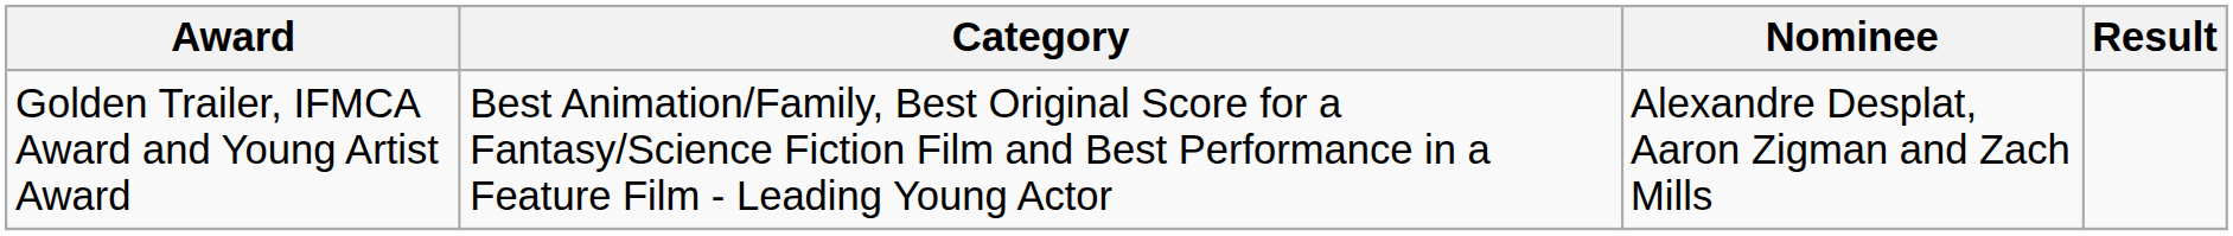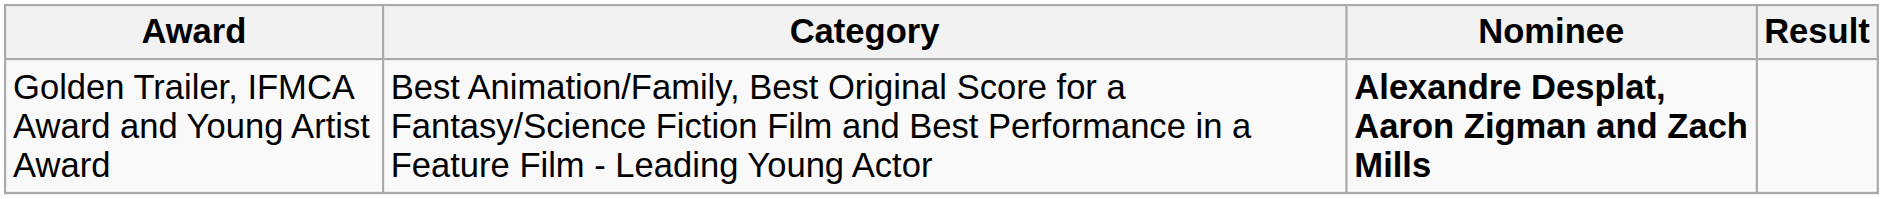 <table class="wikitable sortable">
 <tr>
 <th>Award</th>
 <th>Category</th>
 <th>Nominee</th>
 <th>Result</th>
 </tr>
 <tr>
 <td rowspan="1">Golden Trailer, IFMCA Award and Young Artist Award</td>
 <td>Best Animation/Family, Best Original Score for a Fantasy/Science Fiction Film and Best Performance in a Feature Film - Leading Young Actor</td>
-<td>Alexandre Desplat, Aaron Zigman and Zach Mills</td>
+<td><strong>Alexandre Desplat, Aaron Zigman and Zach Mills</strong></td>
 <td></td>
 </tr>
 <tr>
 </tr>
 </table>
